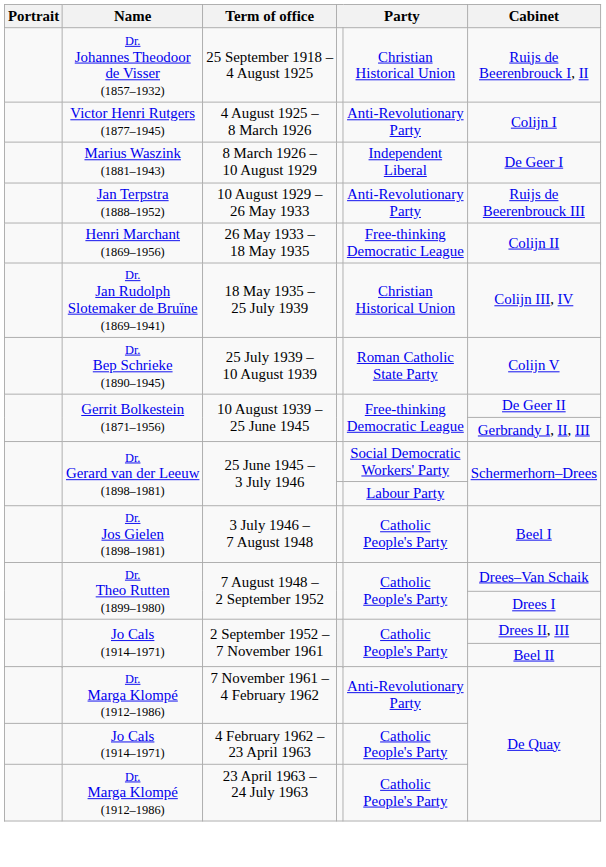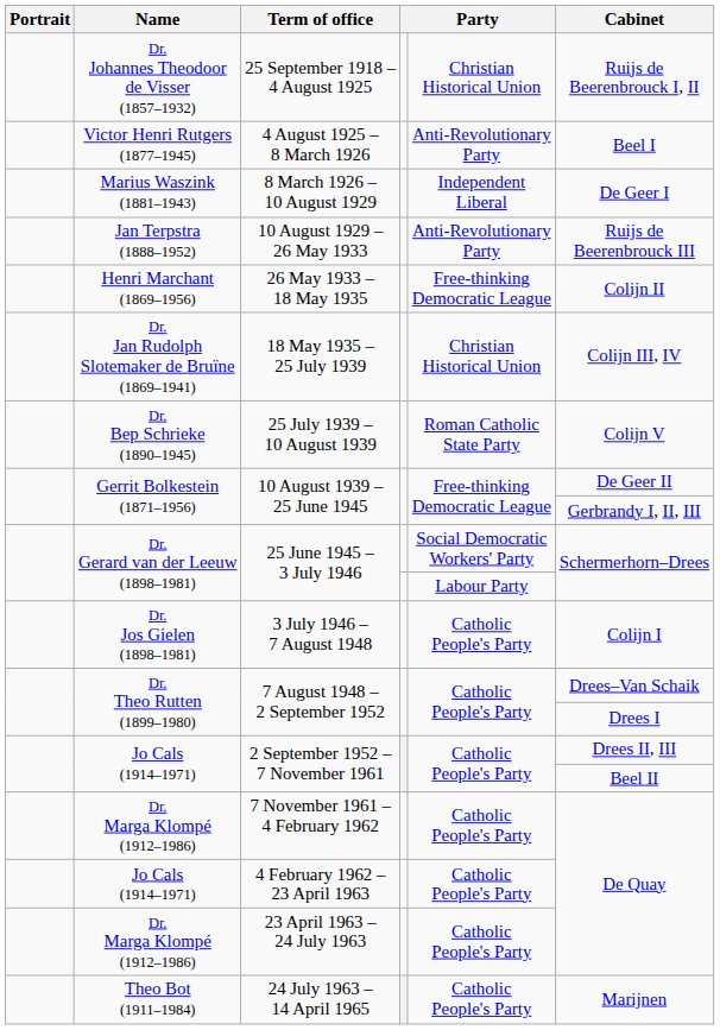 <table class="wikitable" style="text-align:center">
 <tr>
 <th>Portrait</th>
 <th>Name <br> </th>
 <th>Term of office</th>
 <th colspan=2>Party</th>
 <th>Cabinet</th>
 </tr>
 <tr>
 <td></td>
 <td><small><a href='#'>Dr.</a></small> <br> <a href='#'>Johannes Theodoor <br> de Visser</a> <br> <small>(1857–1932)</small></td>
 <td>25 September 1918 – <br> 4 August 1925</td>
 <td style="background:"></td>
 <td><a href='#'>Christian <br> Historical Union</a></td>
 <td><a href='#'>Ruijs de <br> Beerenbrouck I</a>, <a href='#'>II</a> <br></td>
 </tr>
 <tr>
 <td></td>
 <td><a href='#'>Victor Henri Rutgers</a> <br> <small>(1877–1945)</small></td>
 <td>4 August 1925 – <br> 8 March 1926</td>
 <td style="background:"></td>
 <td><a href='#'>Anti-Revolutionary <br> Party</a></td>
-<td><a href='#'>Colijn I</a> <br></td>
+<td><a href='#'>Beel I</a> <br></td>
 </tr>
 <tr>
 <td></td>
 <td><a href='#'>Marius Waszink</a> <br> <small>(1881–1943)</small></td>
 <td>8 March 1926 – <br> 10 August 1929</td>
 <td style="background:"></td>
 <td><a href='#'>Independent</a> <br> <a href='#'>Liberal</a></td>
 <td><a href='#'>De Geer I</a> <br></td>
 </tr>
 <tr>
 <td></td>
 <td><a href='#'>Jan Terpstra</a> <br> <small>(1888–1952)</small></td>
 <td>10 August 1929 – <br> 26 May 1933</td>
 <td style="background:"></td>
 <td><a href='#'>Anti-Revolutionary <br> Party</a></td>
 <td><a href='#'>Ruijs de <br> Beerenbrouck III</a> <br></td>
 </tr>
 <tr>
 <td></td>
 <td><a href='#'>Henri Marchant</a> <br> <small>(1869–1956)</small></td>
 <td>26 May 1933 – <br> 18 May 1935 <br> </td>
 <td style="background:"></td>
 <td><a href='#'>Free-thinking <br> Democratic League</a></td>
 <td rowspan=2><a href='#'>Colijn II</a> <br></td>
 </tr>
 <tr>
 <td rowspan=2></td>
 <td rowspan=2><small><a href='#'>Dr.</a></small> <br> <a href='#'>Jan Rudolph <br> Slotemaker de Bruïne</a> <br> <small>(1869–1941)</small></td>
 <td rowspan=2>18 May 1935 – <br> 25 July 1939 <br> </td>
 <td rowspan=2 style="background:"></td>
 <td rowspan=2><a href='#'>Christian <br> Historical Union</a></td>
 </tr>
 <tr>
 <td><a href='#'>Colijn III</a>, <a href='#'>IV</a> <br></td>
 </tr>
 <tr>
 <td></td>
 <td><small><a href='#'>Dr.</a></small> <br> <a href='#'>Bep Schrieke</a> <br> <small>(1890–1945)</small></td>
 <td>25 July 1939 – <br> 10 August 1939</td>
 <td style="background:"></td>
 <td><a href='#'>Roman Catholic <br> State Party</a></td>
 <td><a href='#'>Colijn V</a> <br></td>
 </tr>
 <tr>
 <td rowspan=2></td>
 <td rowspan=2><a href='#'>Gerrit Bolkestein</a> <br> <small>(1871–1956)</small></td>
 <td rowspan=2>10 August 1939 – <br> 25 June 1945</td>
 <td rowspan=2 style="background:"></td>
 <td rowspan=2><a href='#'>Free-thinking <br> Democratic League</a></td>
 <td><a href='#'>De Geer II</a> <br></td>
 </tr>
 <tr>
 <td><a href='#'>Gerbrandy I</a>, <a href='#'>II</a>, <a href='#'>III</a> <br></td>
 </tr>
 <tr>
 <td rowspan=2></td>
 <td rowspan=2><small><a href='#'>Dr.</a></small> <br> <a href='#'>Gerard van der Leeuw</a> <br> <small>(1898–1981)</small></td>
 <td rowspan=2>25 June 1945 – <br> 3 July 1946</td>
 <td style="background:"></td>
 <td><a href='#'>Social Democratic <br> Workers' Party</a></td>
 <td rowspan=2><a href='#'>Schermerhorn–Drees</a> <br></td>
 </tr>
 <tr>
 <td style="background:"></td>
 <td><a href='#'>Labour Party</a></td>
 </tr>
 <tr>
 <td></td>
 <td><small><a href='#'>Dr.</a></small> <br> <a href='#'>Jos Gielen</a> <br> <small>(1898–1981)</small></td>
 <td>3 July 1946 – <br> 7 August 1948</td>
 <td style="background:"></td>
 <td><a href='#'>Catholic <br> People's Party</a></td>
-<td><a href='#'>Beel I</a> <br></td>
+<td><a href='#'>Colijn I</a> <br></td>
 </tr>
 <tr>
 <td rowspan=2></td>
 <td rowspan=2><small><a href='#'>Dr.</a></small> <br> <a href='#'>Theo Rutten</a> <br> <small>(1899–1980)</small></td>
 <td rowspan=2>7 August 1948 – <br> 2 September 1952</td>
 <td rowspan=2 style="background:"></td>
 <td rowspan=2><a href='#'>Catholic <br> People's Party</a></td>
 <td><a href='#'>Drees–Van Schaik</a> <br></td>
 </tr>
 <tr>
 <td><a href='#'>Drees I</a> <br></td>
 </tr>
 <tr>
 <td rowspan=3></td>
 <td rowspan=3><a href='#'>Jo Cals</a> <br> <small>(1914–1971)</small></td>
 <td rowspan=3>2 September 1952 – <br> 7 November 1961 <br> </td>
 <th rowspan=3 style="background:"></th>
 <td rowspan=3><a href='#'>Catholic <br> People's Party</a></td>
 <td><a href='#'>Drees II</a>, <a href='#'>III</a> <br></td>
 </tr>
 <tr>
 <td><a href='#'>Beel II</a> <br></td>
 </tr>
 <tr>
 <td rowspan=4><a href='#'>De Quay</a> <br></td>
 </tr>
 <tr>
 <td></td>
 <td><small><a href='#'>Dr.</a></small> <br> <a href='#'>Marga Klompé</a> <br> <small>(1912–1986)</small></td>
 <td>7 November 1961 – <br> 4 February 1962 <br>  <br> </td>
 <td style="background:"></td>
-<td><a href='#'>Anti-Revolutionary <br> Party</a></td>
+<td><a href='#'>Catholic <br> People's Party</a></td>
 </tr>
 <tr>
 <td></td>
 <td><a href='#'>Jo Cals</a> <br> <small>(1914–1971)</small></td>
 <td>4 February 1962 – <br> 23 April 1963 <br> </td>
 <td style="background:"></td>
 <td><a href='#'>Catholic <br> People's Party</a></td>
 </tr>
 <tr>
 <td></td>
 <td><small><a href='#'>Dr.</a></small> <br> <a href='#'>Marga Klompé</a> <br> <small>(1912–1986)</small></td>
 <td>23 April 1963 – <br> 24 July 1963 <br>  <br> </td>
 <td style="background:"></td>
 <td><a href='#'>Catholic <br> People's Party</a></td>
 </tr>
+<tr>
+<td></td>
+<td><a href='#'>Theo Bot</a> <br> <small>(1911–1984)</small></td>
+<td>24 July 1963 – <br> 14 April 1965</td>
+<th style="background:"></th>
+<td><a href='#'>Catholic <br> People's Party</a></td>
+<td><a href='#'>Marijnen</a> <br></td>
+</tr>
 </table>
